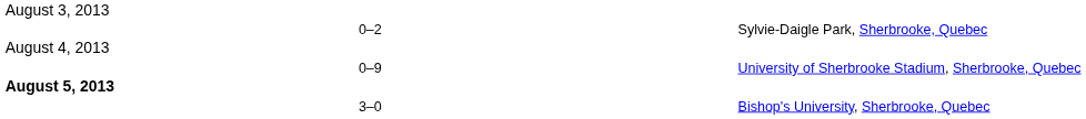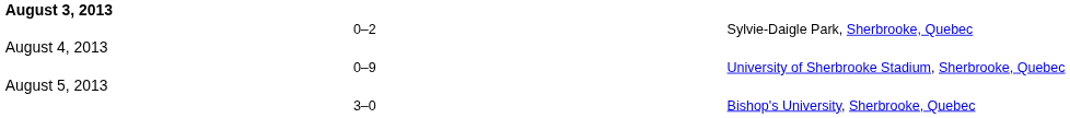 <table style="width:100%;" cellspacing="1">
 <tr>
 <th width=25%></th>
 <th width=10%></th>
 <th width=25%></th>
 </tr>
 <tr>
-<td>August 3, 2013</td>
+<td><strong>August 3, 2013</strong></td>
 </tr>
 <tr style=font-size:90%>
 <td align=right></td>
 <td align=center>0–2</td>
 <td></td>
 <td>Sylvie-Daigle Park, <a href='#'>Sherbrooke, Quebec</a></td>
 </tr>
 <tr>
 <td>August 4, 2013</td>
 </tr>
 <tr style=font-size:90%>
 <td align=right></td>
 <td align=center>0–9</td>
 <td></td>
 <td><a href='#'>University of Sherbrooke Stadium</a>, <a href='#'>Sherbrooke, Quebec</a></td>
 </tr>
 <tr>
-<td><strong>August 5, 2013</strong></td>
+<td>August 5, 2013</td>
 </tr>
 <tr style=font-size:90%>
 <td align=right></td>
 <td align=center>3–0</td>
 <td></td>
 <td><a href='#'>Bishop's University</a>, <a href='#'>Sherbrooke, Quebec</a></td>
 </tr>
 </table>
